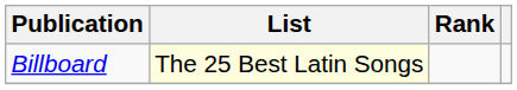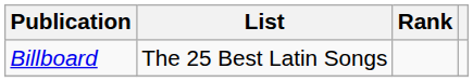 <table class="sortable wikitable">
 <tr>
 <th>Publication</th>
 <th>List</th>
 <th>Rank</th>
 <th class="unsortable"></th>
 </tr>
 <tr>
 <td><em><a href='#'>Billboard</a></em></td>
-<td style="background: lightyellow;">The 25 Best Latin Songs</td>
+<td>The 25 Best Latin Songs</td>
 <td></td>
 <td style="text-align:center;"></td>
 </tr>
 <tr>
 </tr>
 </table>
